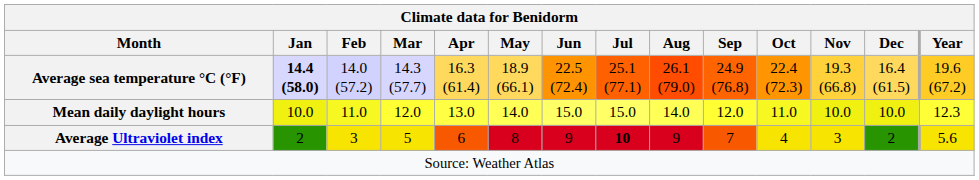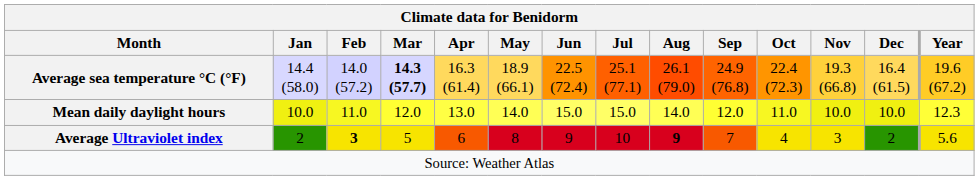 <table style="width:80%;text-align:center;line-height:1.2em;margin-right:auto" class="wikitable mw-collapsible mw-collapsed">
 <tr>
 <th Colspan=14>Climate data for Benidorm</th>
 </tr>
 <tr>
 <th>Month</th>
 <th>Jan</th>
 <th>Feb</th>
 <th>Mar</th>
 <th>Apr</th>
 <th>May</th>
 <th>Jun</th>
 <th>Jul</th>
 <th>Aug</th>
 <th>Sep</th>
 <th>Oct</th>
 <th>Nov</th>
 <th>Dec</th>
 <th style="border-left-width:medium">Year</th>
 </tr>
 <tr>
 <th>Average sea temperature °C (°F)</th>
-<td style="background:#D8D8FF;color:#000000;"><strong>14.4<br>(58.0)</strong></td>
+<td style="background:#D8D8FF;color:#000000;">14.4<br>(58.0)</td>
 <td style="background:#D2D2FF;color:#000000;">14.0<br>(57.2)</td>
-<td style="background:#D6D6FF;color:#000000;">14.3<br>(57.7)</td>
+<td style="background:#D6D6FF;color:#000000;"><strong>14.3<br>(57.7)</strong></td>
 <td style="background:#FFD95D;color:#000000;">16.3<br>(61.4)</td>
 <td style="background:#FFD95D;color:#000000;">18.9<br>(66.1)</td>
 <td style="background:#FF9300;color:#000000;">22.5<br>(72.4)</td>
 <td style="background:#FF6000;color:#000000;">25.1<br>(77.1)</td>
 <td style="background:#FF4C00;color:#000000;">26.1<br>(79.0)</td>
 <td style="background:#FF6400;color:#000000;">24.9<br>(76.8)</td>
 <td style="background:#FF9500;color:#000000;">22.4<br>(72.3)</td>
 <td style="background:#FFD13B;color:#000000;">19.3<br>(66.8)</td>
 <td style="background:#FFD95D;color:#000000;">16.4<br>(61.5)</td>
 <td style="background:#FFCC26;color:#000000;border-left-width:medium">19.6<br>(67.2)</td>
 </tr>
 <tr>
 <th>Mean daily daylight hours</th>
 <td style="background:#F0F011;color:#000000;">10.0</td>
 <td style="background:#F7F722;color:#000000;">11.0</td>
 <td style="background:#FFFF33;color:#000000;">12.0</td>
 <td style="background:#FFFF44;color:#000000;">13.0</td>
 <td style="background:#FFFF55;color:#000000;">14.0</td>
 <td style="background:#FFFF66;color:#000000;">15.0</td>
 <td style="background:#FFFF66;color:#000000;">15.0</td>
 <td style="background:#FFFF55;color:#000000;">14.0</td>
 <td style="background:#FFFF33;color:#000000;">12.0</td>
 <td style="background:#F7F722;color:#000000;">11.0</td>
 <td style="background:#F0F011;color:#000000;">10.0</td>
 <td style="background:#F0F011;color:#000000;">10.0</td>
 <td style="background:#FFFF37;color:#000000;">12.3</td>
 </tr>
 <tr>
 <th>Average <a href='#'>Ultraviolet index</a></th>
 <td style="background:#289500;color:#000000;">2</td>
-<td style="background:#f7e400;color:#000000;">3</td>
+<td style="background:#f7e400;color:#000000;"><strong>3</strong></td>
 <td style="background:#f7e400;color:#000000;">5</td>
 <td style="background:#f85900;color:#000000;">6</td>
 <td style="background:#d8001d;color:#000000;">8</td>
 <td style="background:#d8001d;color:#000000;">9</td>
-<td style="background:#d8001d;color:#000000;"><strong>10</strong></td>
-<td style="background:#d8001d;color:#000000;">9</td>
+<td style="background:#d8001d;color:#000000;">10</td>
+<td style="background:#d8001d;color:#000000;"><strong>9</strong></td>
 <td style="background:#f85900;color:#000000;">7</td>
 <td style="background:#f7e400;color:#000000;">4</td>
 <td style="background:#f7e400;color:#000000;">3</td>
 <td style="background:#289500;color:#000000;">2</td>
 <td style="background:#f7e400;color:#000000;border-left-width:medium">5.6</td>
 </tr>
 <tr>
 <th Colspan=14 style="background:#f8f9fa;font-weight:normal;font-size:95%;">Source: Weather Atlas</th>
 </tr>
 </table>
